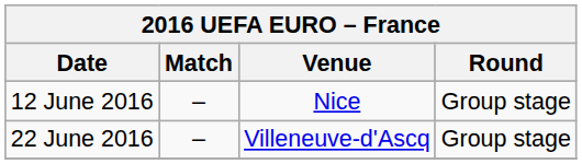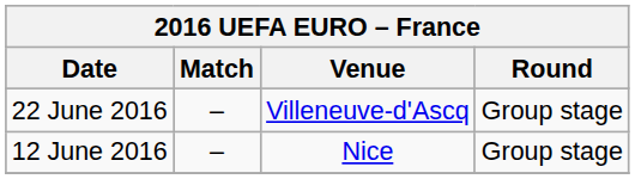 <table class="wikitable" style="margin:1em auto 1em auto; text-align:center; font-size:small;">
 <tr>
 <th colspan="4">2016 UEFA EURO – France</th>
 </tr>
 <tr>
 <th>Date</th>
 <th>Match</th>
 <th>Venue</th>
 <th>Round</th>
 </tr>
 <tr>
+<td>22 June 2016</td>
+<td> – </td>
+<td><a href='#'>Villeneuve-d'Ascq</a></td>
+<td>Group stage</td>
+</tr>
+<tr>
 <td>12 June 2016</td>
 <td> – </td>
 <td><a href='#'>Nice</a></td>
 <td>Group stage</td>
 </tr>
 <tr>
-<td>22 June 2016</td>
-<td> – </td>
-<td><a href='#'>Villeneuve-d'Ascq</a></td>
-<td>Group stage</td>
-</tr>
-<tr>
 </tr>
 </table>
